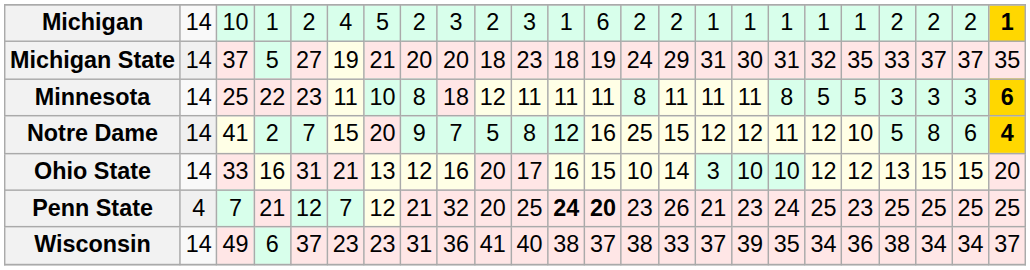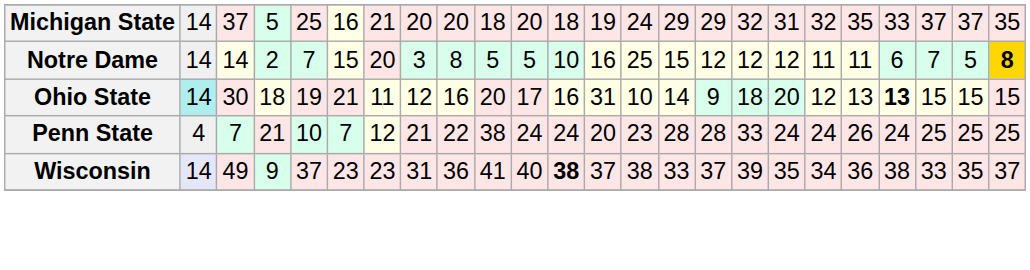 <table class="wikitable sortable" style="text-align: center;">
 <tr>
-</tr>
-<tr>
-<th>Michigan</th>
-<td>14</td>
-<td bgcolor=D8FFEB>10</td>
-<td bgcolor=D8FFEB>1</td>
-<td bgcolor=D8FFEB>2</td>
-<td bgcolor=D8FFEB>4</td>
-<td bgcolor=D8FFEB>5</td>
-<td bgcolor=D8FFEB>2</td>
-<td bgcolor=D8FFEB>3</td>
-<td bgcolor=D8FFEB>2</td>
-<td bgcolor=D8FFEB>3</td>
-<td bgcolor=D8FFEB>1</td>
-<td bgcolor=D8FFEB>6</td>
-<td bgcolor=D8FFEB>2</td>
-<td bgcolor=D8FFEB>2</td>
-<td bgcolor=D8FFEB>1</td>
-<td bgcolor=D8FFEB>1</td>
-<td bgcolor=D8FFEB>1</td>
-<td bgcolor=D8FFEB>1</td>
-<td bgcolor=D8FFEB>1</td>
-<td bgcolor=D8FFEB>2</td>
-<td bgcolor=D8FFEB>2</td>
-<td bgcolor=D8FFEB>2</td>
-<td bgcolor=gold><strong>1</strong></td>
 </tr>
 <tr bgcolor=f0f0f0>
 <th>Michigan State</th>
 <td>14</td>
 <td bgcolor=FFE6E6>37</td>
 <td bgcolor=D8FFEB>5</td>
-<td bgcolor=FFE6E6>27</td>
-<td bgcolor=FFFFE6>19</td>
+<td bgcolor=FFE6E6>25</td>
+<td bgcolor=FFFFE6>16</td>
 <td bgcolor=FFE6E6>21</td>
 <td bgcolor=FFE6E6>20</td>
 <td bgcolor=FFE6E6>20</td>
 <td bgcolor=FFE6E6>18</td>
-<td bgcolor=FFE6E6>23</td>
+<td bgcolor=FFE6E6>20</td>
 <td bgcolor=FFE6E6>18</td>
 <td bgcolor=FFE6E6>19</td>
 <td bgcolor=FFE6E6>24</td>
 <td bgcolor=FFE6E6>29</td>
-<td bgcolor=FFE6E6>31</td>
-<td bgcolor=FFE6E6>30</td>
+<td bgcolor=FFE6E6>29</td>
+<td bgcolor=FFE6E6>32</td>
 <td bgcolor=FFE6E6>31</td>
 <td bgcolor=FFE6E6>32</td>
 <td bgcolor=FFE6E6>35</td>
 <td bgcolor=FFE6E6>33</td>
 <td bgcolor=FFE6E6>37</td>
 <td bgcolor=FFE6E6>37</td>
 <td bgcolor=FFE6E6>35</td>
 </tr>
-<tr>
-<th>Minnesota</th>
-<td>14</td>
-<td bgcolor=FFE6E6>25</td>
-<td bgcolor=FFE6E6>22</td>
-<td bgcolor=FFE6E6>23</td>
-<td bgcolor=FFFFE6>11</td>
-<td bgcolor=D8FFEB>10</td>
-<td bgcolor=D8FFEB>8</td>
-<td bgcolor=FFE6E6>18</td>
-<td bgcolor=FFFFE6>12</td>
-<td bgcolor=FFFFE6>11</td>
-<td bgcolor=FFFFE6>11</td>
-<td bgcolor=FFFFE6>11</td>
-<td bgcolor=D8FFEB>8</td>
-<td bgcolor=FFFFE6>11</td>
-<td bgcolor=FFFFE6>11</td>
-<td bgcolor=FFFFE6>11</td>
-<td bgcolor=D8FFEB>8</td>
-<td bgcolor=D8FFEB>5</td>
-<td bgcolor=D8FFEB>5</td>
-<td bgcolor=D8FFEB>3</td>
-<td bgcolor=D8FFEB>3</td>
-<td bgcolor=D8FFEB>3</td>
-<td bgcolor=gold><strong>6</strong></td>
-</tr>
 <tr bgcolor=f0f0f0>
 <th>Notre Dame</th>
 <td>14</td>
-<td bgcolor=FFFFE6>41</td>
+<td bgcolor=FFFFE6>14</td>
 <td bgcolor=D8FFEB>2</td>
 <td bgcolor=D8FFEB>7</td>
 <td bgcolor=FFFFE6>15</td>
 <td bgcolor=FFE6E6>20</td>
-<td bgcolor=D8FFEB>9</td>
-<td bgcolor=D8FFEB>7</td>
+<td bgcolor=D8FFEB>3</td>
+<td bgcolor=D8FFEB>8</td>
 <td bgcolor=D8FFEB>5</td>
-<td bgcolor=D8FFEB>8</td>
-<td bgcolor=D8FFEB>12</td>
+<td bgcolor=D8FFEB>5</td>
+<td bgcolor=D8FFEB>10</td>
 <td bgcolor=FFFFE6>16</td>
 <td bgcolor=FFFFE6>25</td>
 <td bgcolor=FFFFE6>15</td>
 <td bgcolor=FFFFE6>12</td>
 <td bgcolor=FFFFE6>12</td>
+<td bgcolor=FFFFE6>12</td>
 <td bgcolor=FFFFE6>11</td>
-<td bgcolor=FFFFE6>12</td>
-<td bgcolor=FFFFE6>10</td>
+<td bgcolor=FFFFE6>11</td>
+<td bgcolor=D8FFEB>6</td>
+<td bgcolor=D8FFEB>7</td>
 <td bgcolor=D8FFEB>5</td>
-<td bgcolor=D8FFEB>8</td>
-<td bgcolor=D8FFEB>6</td>
-<td bgcolor=gold><strong>4</strong></td>
+<td bgcolor=gold><strong>8</strong></td>
 </tr>
 <tr>
 <th>Ohio State</th>
-<td>14</td>
-<td bgcolor=FFE6E6>33</td>
-<td bgcolor=FFFFE6>16</td>
-<td bgcolor=FFE6E6>31</td>
+<td style="background: paleturquoise;">14</td>
+<td bgcolor=FFE6E6>30</td>
+<td bgcolor=FFFFE6>18</td>
+<td bgcolor=FFE6E6>19</td>
 <td bgcolor=FFE6E6>21</td>
-<td bgcolor=FFFFE6>13</td>
+<td bgcolor=FFFFE6>11</td>
 <td bgcolor=FFFFE6>12</td>
 <td bgcolor=FFFFE6>16</td>
 <td bgcolor=FFE6E6>20</td>
 <td bgcolor=FFE6E6>17</td>
 <td bgcolor=FFFFE6>16</td>
-<td bgcolor=FFFFE6>15</td>
+<td bgcolor=FFFFE6>31</td>
 <td bgcolor=FFFFE6>10</td>
 <td bgcolor=FFFFE6>14</td>
-<td bgcolor=D8FFEB>3</td>
-<td bgcolor=D8FFEB>10</td>
-<td bgcolor=D8FFEB>10</td>
-<td bgcolor=FFFFE6>12</td>
+<td bgcolor=D8FFEB>9</td>
+<td bgcolor=D8FFEB>18</td>
+<td bgcolor=D8FFEB>20</td>
 <td bgcolor=FFFFE6>12</td>
 <td bgcolor=FFFFE6>13</td>
+<td bgcolor=FFFFE6><strong>13</strong></td>
 <td bgcolor=FFFFE6>15</td>
 <td bgcolor=FFFFE6>15</td>
-<td bgcolor=FFE6E6>20</td>
+<td bgcolor=FFE6E6>15</td>
 </tr>
 <tr bgcolor=f0f0f0>
 <th>Penn State</th>
 <td>4</td>
 <td bgcolor=D8FFEB>7</td>
 <td bgcolor=FFE6E6>21</td>
-<td bgcolor=D8FFEB>12</td>
+<td bgcolor=D8FFEB>10</td>
 <td bgcolor=D8FFEB>7</td>
 <td bgcolor=FFFFE6>12</td>
 <td bgcolor=FFE6E6>21</td>
-<td bgcolor=FFE6E6>32</td>
+<td bgcolor=FFE6E6>22</td>
+<td bgcolor=FFE6E6>38</td>
+<td bgcolor=FFE6E6>24</td>
+<td bgcolor=FFE6E6>24</td>
 <td bgcolor=FFE6E6>20</td>
-<td bgcolor=FFE6E6>25</td>
-<td bgcolor=FFE6E6><strong>24</strong></td>
-<td bgcolor=FFE6E6><strong>20</strong></td>
 <td bgcolor=FFE6E6>23</td>
+<td bgcolor=FFE6E6>28</td>
+<td bgcolor=FFE6E6>28</td>
+<td bgcolor=FFE6E6>33</td>
+<td bgcolor=FFE6E6>24</td>
+<td bgcolor=FFE6E6>24</td>
 <td bgcolor=FFE6E6>26</td>
-<td bgcolor=FFE6E6>21</td>
-<td bgcolor=FFE6E6>23</td>
 <td bgcolor=FFE6E6>24</td>
-<td bgcolor=FFE6E6>25</td>
-<td bgcolor=FFE6E6>23</td>
-<td bgcolor=FFE6E6>25</td>
 <td bgcolor=FFE6E6>25</td>
 <td bgcolor=FFE6E6>25</td>
 <td bgcolor=FFE6E6>25</td>
 </tr>
 <tr>
 <th>Wisconsin</th>
-<td>14</td>
+<td style="background: lavender;">14</td>
 <td bgcolor=FFE6E6>49</td>
-<td bgcolor=D8FFEB>6</td>
+<td bgcolor=D8FFEB>9</td>
 <td bgcolor=FFE6E6>37</td>
 <td bgcolor=FFE6E6>23</td>
 <td bgcolor=FFE6E6>23</td>
 <td bgcolor=FFE6E6>31</td>
 <td bgcolor=FFE6E6>36</td>
 <td bgcolor=FFE6E6>41</td>
 <td bgcolor=FFE6E6>40</td>
-<td bgcolor=FFE6E6>38</td>
+<td bgcolor=FFE6E6><strong>38</strong></td>
 <td bgcolor=FFE6E6>37</td>
 <td bgcolor=FFE6E6>38</td>
 <td bgcolor=FFE6E6>33</td>
 <td bgcolor=FFE6E6>37</td>
 <td bgcolor=FFE6E6>39</td>
 <td bgcolor=FFE6E6>35</td>
 <td bgcolor=FFE6E6>34</td>
 <td bgcolor=FFE6E6>36</td>
 <td bgcolor=FFE6E6>38</td>
-<td bgcolor=FFE6E6>34</td>
-<td bgcolor=FFE6E6>34</td>
+<td bgcolor=FFE6E6>33</td>
+<td bgcolor=FFE6E6>35</td>
 <td bgcolor=FFE6E6>37</td>
 </tr>
 <tr>
 </tr>
 </table>
